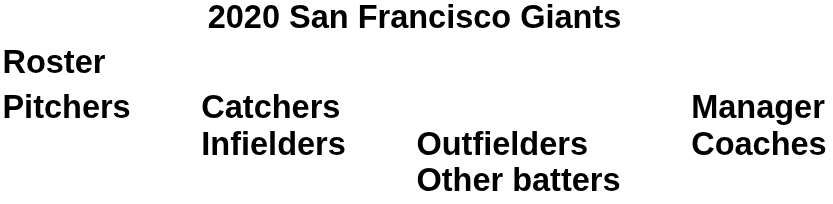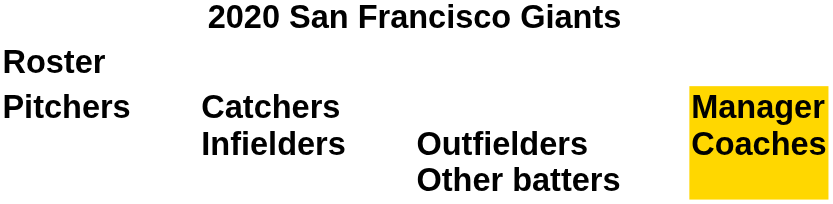 <table class="toccolours" style="font-size: 95%;">
 <tr>
 <th colspan="10">2020 San Francisco Giants</th>
 </tr>
 <tr>
 <td colspan="10"><strong>Roster</strong></td>
 </tr>
 <tr>
 <td valign="top"><strong>Pitchers</strong><br>                     </td>
 <td style="width:25px;"></td>
 <td valign="top"><strong>Catchers</strong><br>    <strong>Infielders</strong>       </td>
 <td style="width:25px;"></td>
 <td valign="top"><br><strong>Outfielders</strong>           <br><strong>Other batters</strong> </td>
 <td style="width:25px;"></td>
-<td valign="top"><strong>Manager</strong><br>  <strong>Coaches</strong>                            </td>
+<td valign="top" style="background: gold;"><strong>Manager</strong><br>  <strong>Coaches</strong>                            </td>
 </tr>
 </table>
